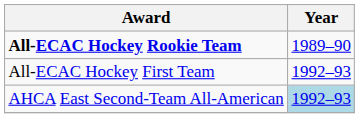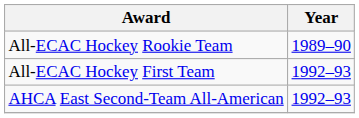 <table class="wikitable">
 <tr>
 <th>Award</th>
 <th>Year</th>
 </tr>
 <tr>
-<td><strong>All-<a href='#'>ECAC Hockey</a> <a href='#'>Rookie Team</a></strong></td>
+<td>All-<a href='#'>ECAC Hockey</a> <a href='#'>Rookie Team</a></td>
 <td><a href='#'>1989–90</a></td>
 </tr>
 <tr>
 <td>All-<a href='#'>ECAC Hockey</a> <a href='#'>First Team</a></td>
 <td><a href='#'>1992–93</a></td>
 </tr>
 <tr>
 <td><a href='#'>AHCA</a> <a href='#'>East Second-Team All-American</a></td>
-<td style="background: lightblue;"><a href='#'>1992–93</a></td>
+<td><a href='#'>1992–93</a></td>
 </tr>
 <tr>
 </tr>
 </table>
